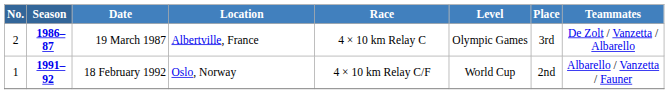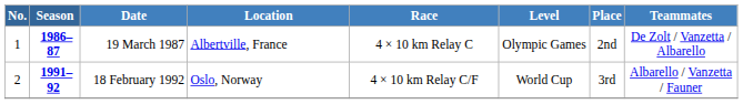 <table class="wikitable sortable" style="font-size:95%; text-align:center; border:grey solid 1px; border-collapse:collapse; background:#ffffff;">
 <tr style="background:#efefef;">
 <th style="background-color:#369; color:white;">No.</th>
 <th style="background-color:#369; color:white;">Season</th>
 <th style="background-color:#4180be; color:white; width:120px;">Date</th>
 <th style="background-color:#4180be; color:white; width:185px;">Location</th>
 <th style="background-color:#4180be; color:white; width:170px;">Race</th>
 <th style="background-color:#4180be; color:white; width:100px;">Level</th>
 <th style="background-color:#4180be; color:white;">Place</th>
 <th style="background-color:#4180be; color:white;">Teammates</th>
 </tr>
 <tr>
-<td align=center>2</td>
+<td align=center>1</td>
 <td rowspan=1 align=center><strong> <a href='#'>1986–87</a> </strong></td>
 <td align=right>19 March 1987</td>
 <td align=left> <a href='#'>Albertville</a>, France</td>
 <td>4 × 10 km Relay C</td>
 <td>Olympic Games</td>
-<td>3rd</td>
+<td>2nd</td>
 <td><a href='#'>De Zolt</a> / <a href='#'>Vanzetta</a> / <a href='#'>Albarello</a></td>
 </tr>
 <tr>
-<td align=center>1</td>
+<td align=center>2</td>
 <td rowspan=1 align=center><strong> <a href='#'>1991–92</a> </strong></td>
 <td align=right>18 February 1992</td>
 <td align=left> <a href='#'>Oslo</a>, Norway</td>
 <td>4 × 10 km Relay C/F</td>
 <td>World Cup</td>
-<td>2nd</td>
+<td>3rd</td>
 <td><a href='#'>Albarello</a> / <a href='#'>Vanzetta</a> / <a href='#'>Fauner</a></td>
 </tr>
 <tr>
 </tr>
 </table>
